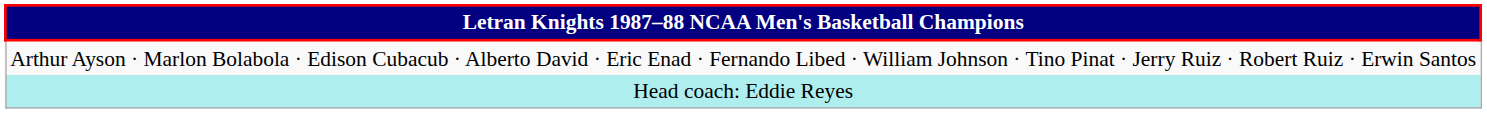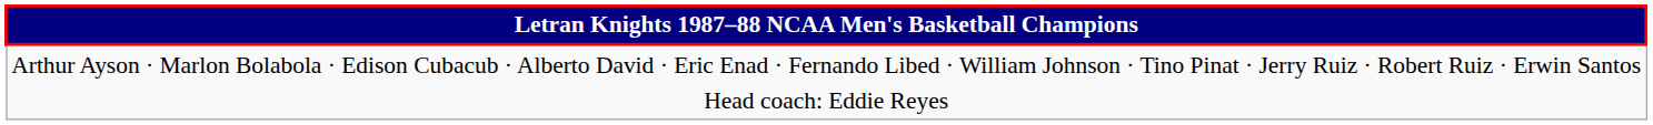 <table class="wikitable" style="text-align: center">
 <tr>
 <th style = "background:#020080; border:2px solid red; color:white">Letran Knights 1987–88 NCAA Men's Basketball Champions</th>
 </tr>
 <tr>
 <td style="border-style: none none none none;">Arthur Ayson · Marlon Bolabola · Edison Cubacub · Alberto David · Eric Enad · Fernando Libed · William Johnson · Tino Pinat · Jerry Ruiz · Robert Ruiz · Erwin Santos</td>
 </tr>
 <tr>
-<td style="background: paleturquoise; border-style: none none none none;">Head coach: Eddie Reyes</td>
+<td style="border-style: none none none none;">Head coach: Eddie Reyes</td>
 </tr>
 </table>
